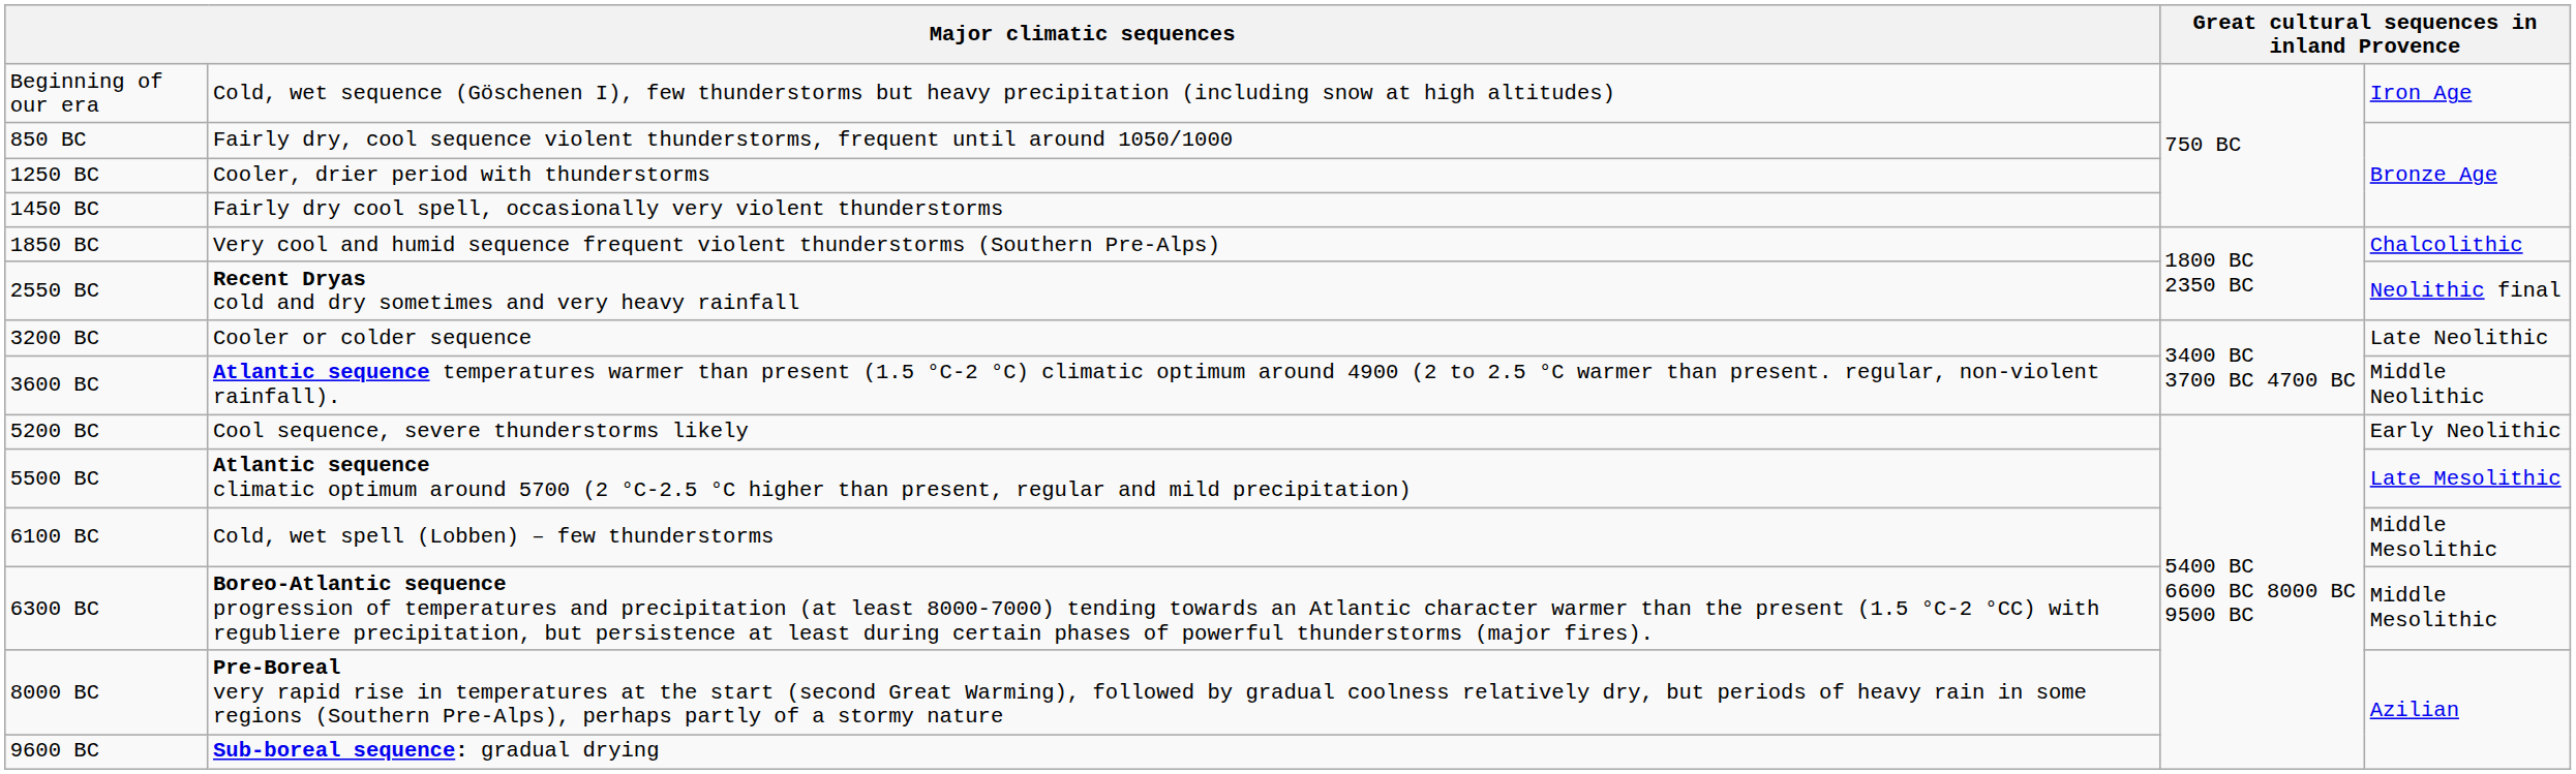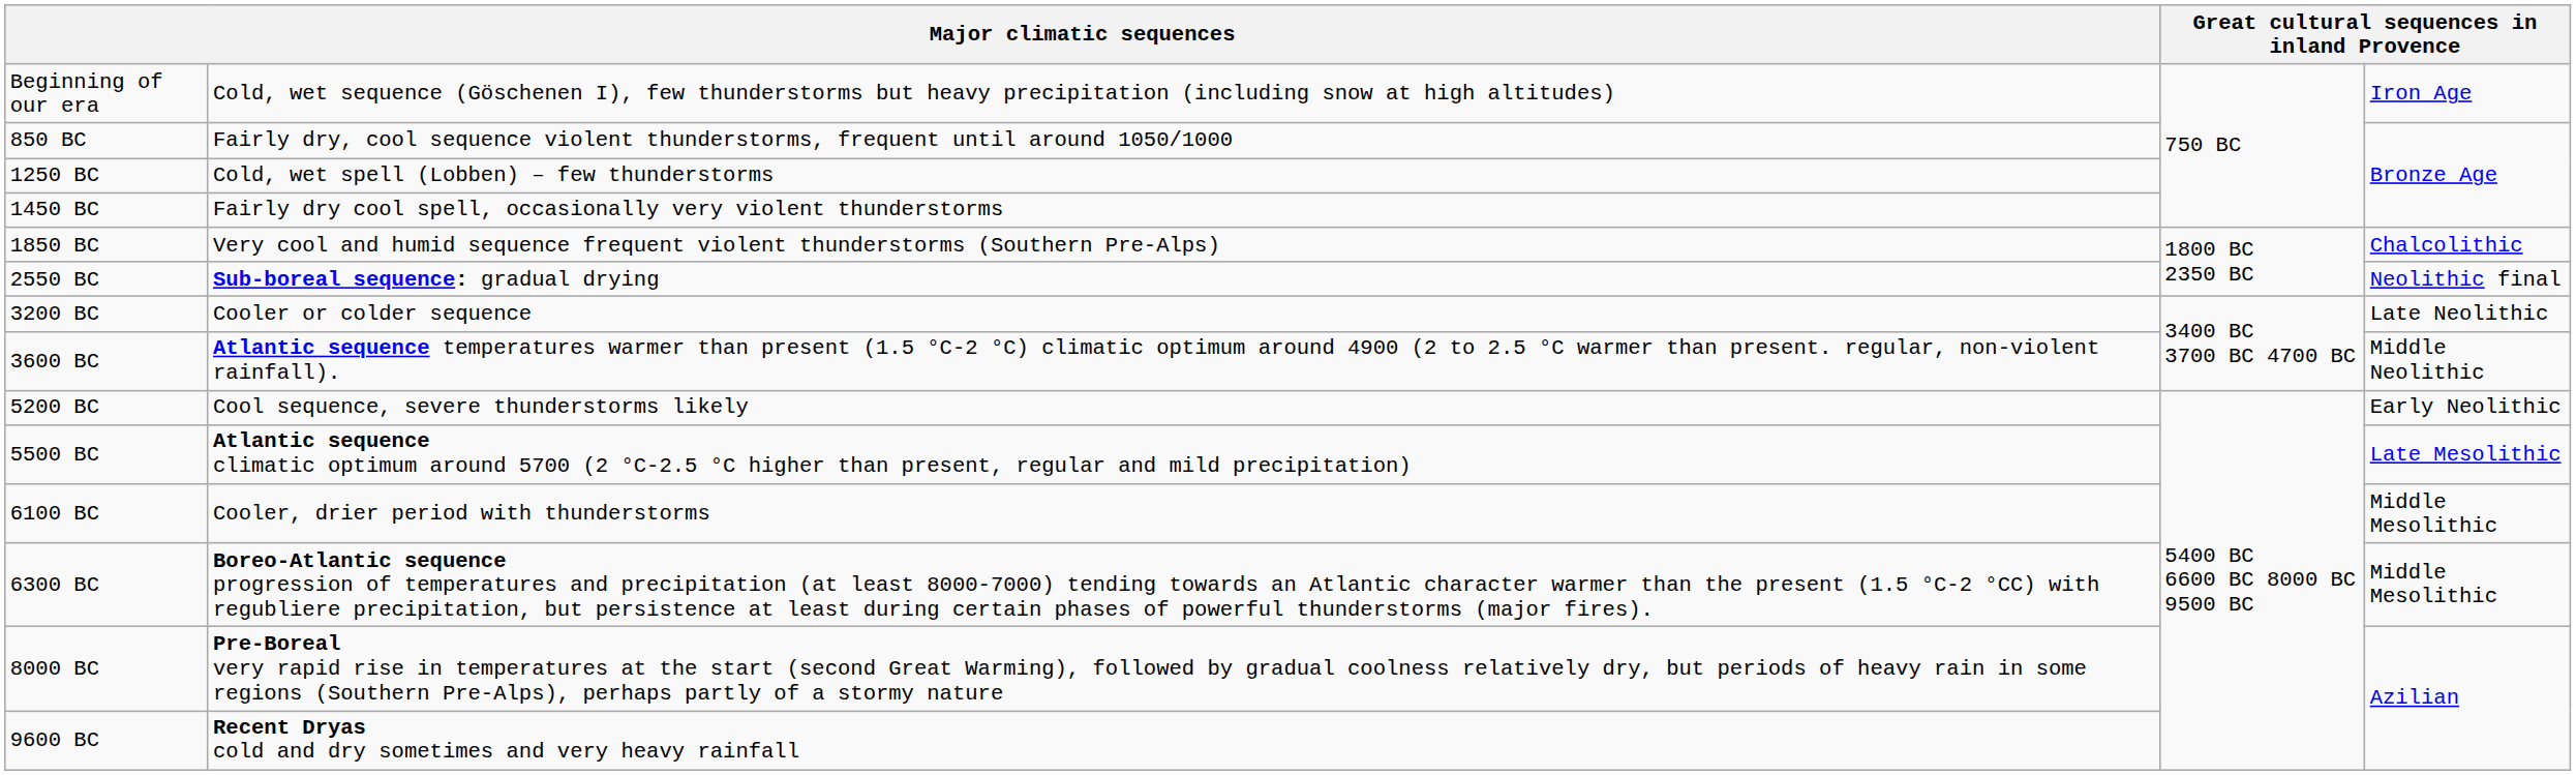 <table class="wikitable">
 <tr>
 <th colspan="2"><strong>Major climatic sequences</strong></th>
 <th colspan="2"><strong>Great cultural sequences in inland Provence</strong></th>
 </tr>
 <tr>
 <td>Beginning of our era</td>
 <td>Cold, wet sequence (Göschenen I), few thunderstorms but heavy precipitation (including snow at high altitudes)</td>
 <td rowspan="4">750 BC</td>
 <td><a href='#'>Iron Age</a></td>
 </tr>
 <tr>
 <td>850 BC</td>
 <td>Fairly dry, cool sequence violent thunderstorms, frequent until around 1050/1000</td>
 <td rowspan="3"><a href='#'>Bronze Age</a></td>
 </tr>
 <tr>
 <td>1250 BC</td>
-<td>Cooler, drier period with thunderstorms</td>
+<td>Cold, wet spell (Lobben) – few thunderstorms</td>
 </tr>
 <tr>
 <td>1450 BC</td>
 <td>Fairly dry cool spell, occasionally very violent thunderstorms</td>
 </tr>
 <tr>
 <td>1850 BC</td>
 <td>Very cool and humid sequence frequent violent thunderstorms (Southern Pre-Alps)</td>
 <td rowspan="2">1800 BC<br>2350 BC</td>
 <td><a href='#'>Chalcolithic</a></td>
 </tr>
 <tr>
 <td>2550 BC</td>
-<td><strong>Recent Dryas</strong><br>cold and dry sometimes and very heavy rainfall</td>
+<td><strong><a href='#'>Sub-boreal sequence</a>:</strong> gradual drying</td>
 <td><a href='#'>Neolithic</a> final</td>
 </tr>
 <tr>
 <td>3200 BC</td>
 <td>Cooler or colder sequence</td>
 <td rowspan="2">3400 BC<br>3700 BC 4700 BC</td>
 <td>Late Neolithic</td>
 </tr>
 <tr>
 <td>3600 BC</td>
 <td><strong><a href='#'>Atlantic sequence</a></strong>                                                                                             temperatures warmer than present (1.5 °C-2 °C) climatic optimum around 4900 (2 to 2.5 °C warmer than present. regular, non-violent rainfall).</td>
 <td>Middle Neolithic</td>
 </tr>
 <tr>
 <td>5200 BC</td>
 <td>Cool sequence, severe thunderstorms likely</td>
 <td rowspan="6">5400 BC<br>6600 BC 8000 BC 9500 BC</td>
 <td>Early Neolithic</td>
 </tr>
 <tr>
 <td>5500 BC</td>
 <td><strong>Atlantic sequence</strong><br>climatic optimum around 5700 (2 °C-2.5 °C higher than present, regular and mild precipitation)</td>
 <td><a href='#'>Late Mesolithic</a></td>
 </tr>
 <tr>
 <td>6100 BC</td>
-<td>Cold, wet spell (Lobben) – few thunderstorms</td>
+<td>Cooler, drier period with thunderstorms</td>
 <td>Middle Mesolithic</td>
 </tr>
 <tr>
 <td>6300 BC</td>
 <td><strong>Boreo-Atlantic sequence</strong><br>progression of temperatures and precipitation (at least 8000-7000) tending towards an Atlantic character warmer than the present (1.5 °C-2 °CC) with regubliere precipitation, but persistence at least during certain phases of powerful thunderstorms (major fires).</td>
 <td>Middle Mesolithic</td>
 </tr>
 <tr>
 <td>8000 BC</td>
 <td><strong>Pre-Boreal</strong><br>very rapid rise in temperatures at the start (second Great Warming), followed by gradual coolness relatively dry, but periods of heavy rain in some regions (Southern Pre-Alps), perhaps partly of a stormy nature</td>
 <td rowspan="2"><a href='#'>Azilian</a></td>
 </tr>
 <tr>
 <td>9600 BC</td>
-<td><strong><a href='#'>Sub-boreal sequence</a>:</strong> gradual drying</td>
+<td><strong>Recent Dryas</strong><br>cold and dry sometimes and very heavy rainfall</td>
 </tr>
 </table>
